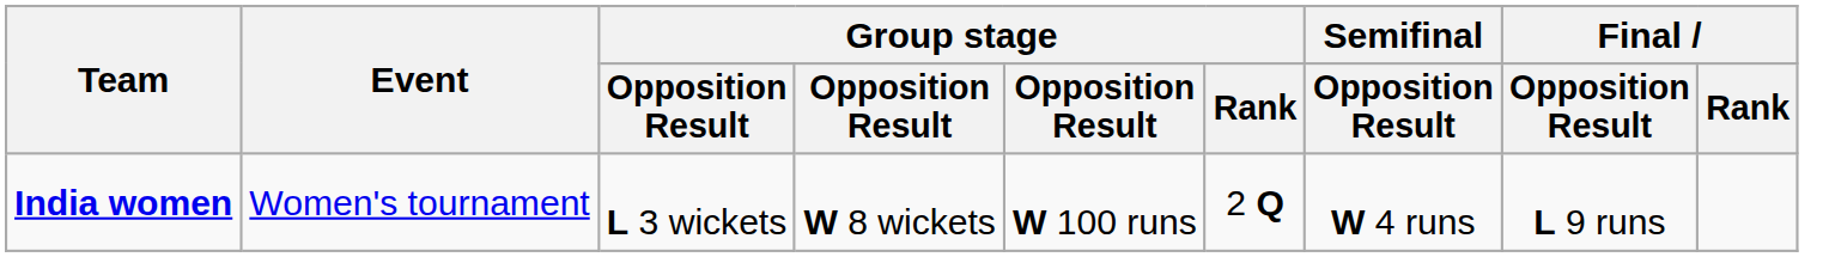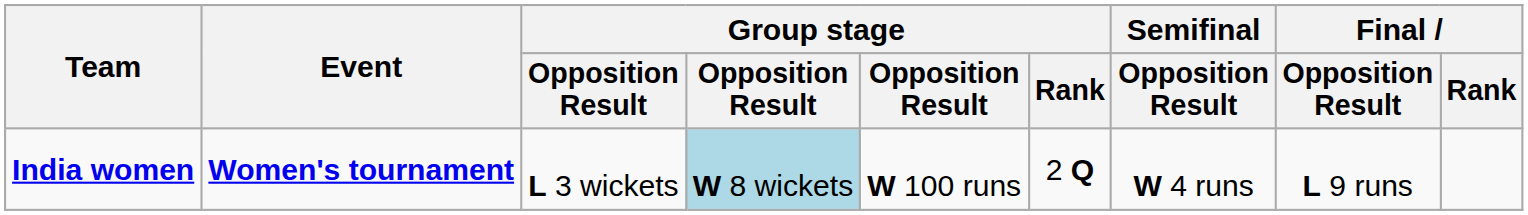 <table class="wikitable" style="font-size:90%;text-align:center;">
 <tr>
 <th rowspan=2>Team</th>
 <th rowspan=2>Event</th>
 <th colspan=4>Group stage</th>
 <th>Semifinal</th>
 <th colspan=2>Final / </th>
 </tr>
 <tr style=font-size:95%>
 <th>Opposition<br>Result</th>
 <th>Opposition<br>Result</th>
 <th>Opposition<br>Result</th>
 <th>Rank</th>
 <th>Opposition<br>Result</th>
 <th>Opposition<br>Result</th>
 <th>Rank</th>
 </tr>
 <tr>
 <td align=left><strong><a href='#'>India women</a></strong></td>
-<td align=left><a href='#'>Women's tournament</a></td>
+<td align=left><strong><a href='#'>Women's tournament</a></strong></td>
 <td><br><strong>L</strong> 3 wickets</td>
-<td><br><strong>W</strong> 8 wickets</td>
+<td style="background: lightblue;"><br><strong>W</strong> 8 wickets</td>
 <td><br><strong>W</strong> 100 runs</td>
 <td>2 <strong>Q</strong></td>
 <td><br><strong>W</strong> 4 runs</td>
 <td><br><strong>L</strong> 9 runs</td>
 <td></td>
 </tr>
 </table>
